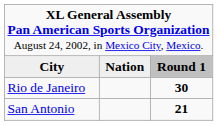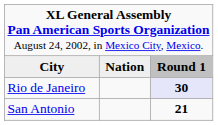 <table class="wikitable"  style="width:auto; text-align:center;">
 <tr>
 <td colspan=6><strong>XL General Assembly<br><a href='#'>Pan American Sports Organization</a></strong><br><small>August 24, 2002, in <a href='#'>Mexico City</a>, <a href='#'>Mexico</a>.</small></td>
 </tr>
 <tr style="background:#efefef;">
 <td><strong>City</strong></td>
 <td><strong>Nation</strong></td>
 <td style="background:silver;"><strong>Round 1</strong></td>
 </tr>
 <tr>
 <td style="text-align:left;"><a href='#'>Rio de Janeiro</a></td>
 <td style="text-align:left;"></td>
-<td><strong>30</strong></td>
+<td style="background: lavender;"><strong>30</strong></td>
 </tr>
 <tr>
 <td style="text-align:left;"><a href='#'>San Antonio</a></td>
 <td style="text-align:left;"></td>
 <td><strong>21</strong></td>
 </tr>
 </table>
